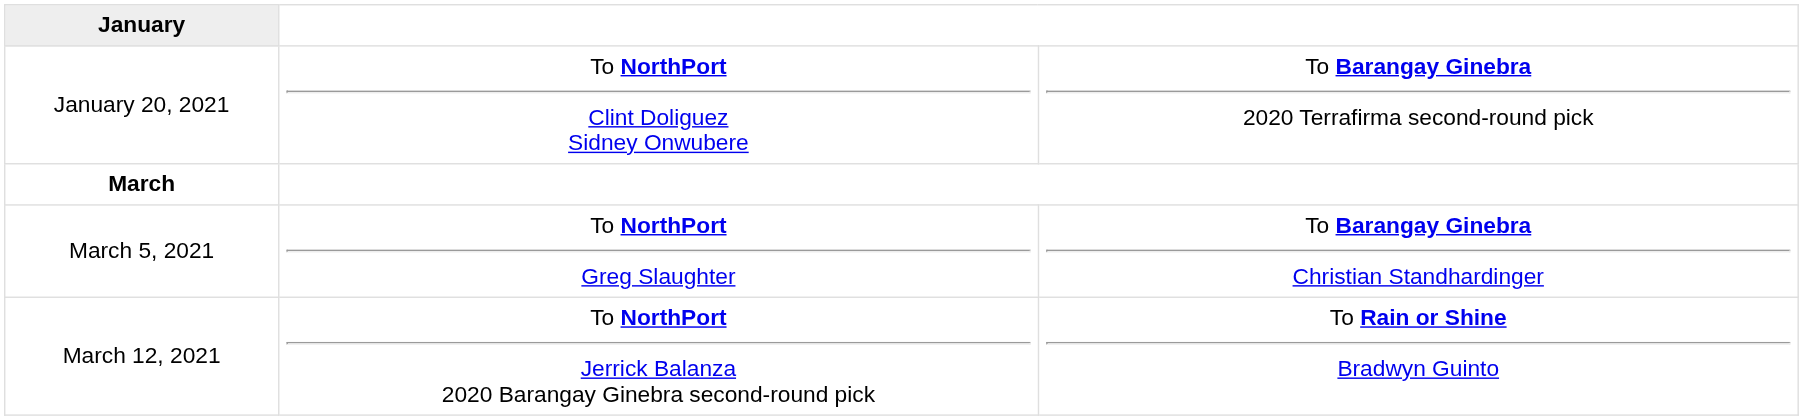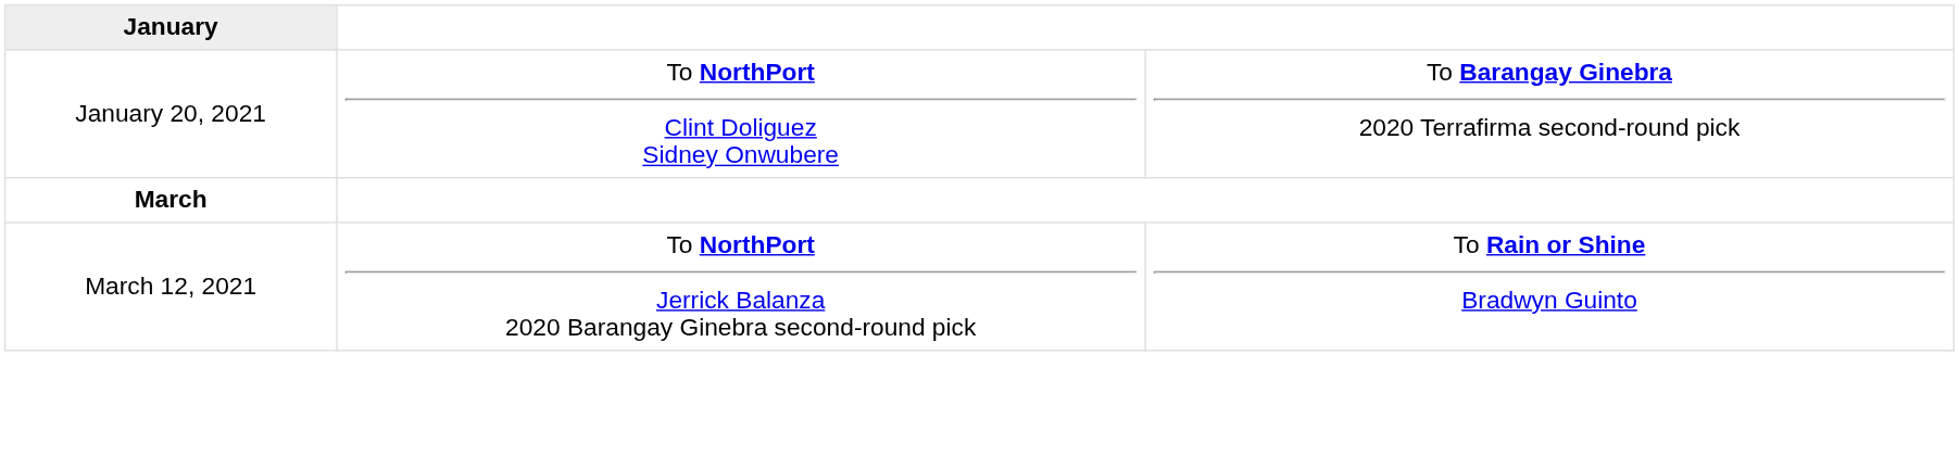 <table border=1 style="border-collapse:collapse; text-align: center; width: 100%" bordercolor="#DFDFDF"  cellpadding="5">
 <tr bgcolor="eeeeee">
 <th>January</th>
 </tr>
 <tr>
 <td style="width:12%">January 20, 2021</td>
 <td style="width:29.3%" valign="top">To <strong><a href='#'>NorthPort</a></strong><hr><a href='#'>Clint Doliguez</a><br><a href='#'>Sidney Onwubere</a></td>
 <td style="width:29.3%" valign="top">To <strong><a href='#'>Barangay Ginebra</a></strong><hr>2020 Terrafirma second-round pick</td>
 </tr>
 <tr>
 <th>March</th>
 </tr>
 <tr>
-<td style="width:12%">March 5, 2021</td>
-<td style="width:33.3%" valign="top">To <strong><a href='#'>NorthPort</a></strong><hr><a href='#'>Greg Slaughter</a></td>
-<td style="width:33.3%" valign="top">To <strong><a href='#'>Barangay Ginebra</a></strong><hr><a href='#'>Christian Standhardinger</a></td>
-</tr>
-<tr>
 <td style="width:12%">March 12, 2021</td>
 <td style="width:29.3%" valign="top">To <strong><a href='#'>NorthPort</a></strong><hr><a href='#'>Jerrick Balanza</a><br>2020 Barangay Ginebra second-round pick</td>
 <td style="width:29.3%" valign="top">To <strong><a href='#'>Rain or Shine</a></strong><hr><a href='#'>Bradwyn Guinto</a></td>
 </tr>
 </table>
